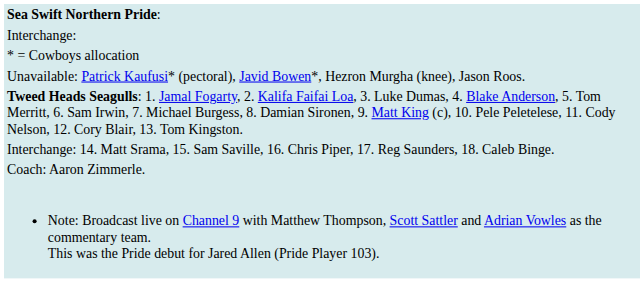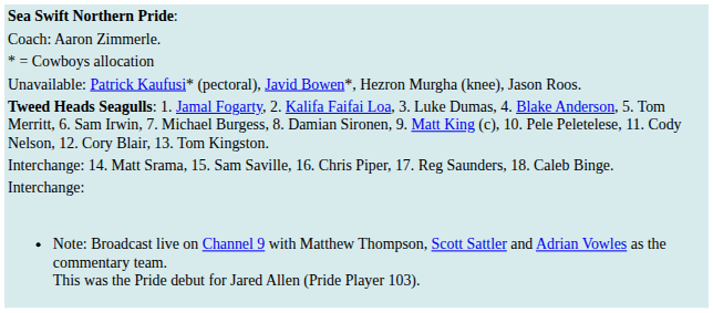 <table style="background:#d7ebed; font-size:85%; width:100%;">
 <tr>
 <td><strong>Sea Swift Northern Pride</strong>:             </td>
 </tr>
 <tr>
-<td>Interchange:    </td>
+<td>Coach: Aaron Zimmerle.</td>
 </tr>
 <tr>
 <td>* = Cowboys allocation</td>
 </tr>
 <tr>
 <td>Unavailable: <a href='#'>Patrick Kaufusi</a>* (pectoral), <a href='#'>Javid Bowen</a>*, Hezron Murgha (knee), Jason Roos.</td>
 </tr>
 <tr>
 <td><strong>Tweed Heads Seagulls</strong>: 1. <a href='#'>Jamal Fogarty</a>, 2. <a href='#'>Kalifa Faifai Loa</a>, 3. Luke Dumas, 4. <a href='#'>Blake Anderson</a>, 5. Tom Merritt, 6. Sam Irwin, 7. Michael Burgess, 8. Damian Sironen, 9. <a href='#'>Matt King</a> (c), 10. Pele Peletelese, 11. Cody Nelson, 12. Cory Blair, 13. Tom Kingston.</td>
 </tr>
 <tr>
 <td>Interchange: 14. Matt Srama, 15. Sam Saville, 16. Chris Piper, 17. Reg Saunders, 18. Caleb Binge.</td>
 </tr>
 <tr>
-<td>Coach: Aaron Zimmerle.</td>
+<td>Interchange:    </td>
 </tr>
 <tr>
 <td><br><ul><li>Note: Broadcast live on <a href='#'>Channel 9</a> with Matthew Thompson, <a href='#'>Scott Sattler</a> and <a href='#'>Adrian Vowles</a> as the commentary team.<br>This was the Pride debut for Jared Allen (Pride Player 103).</li></ul></td>
 </tr>
 </table>
